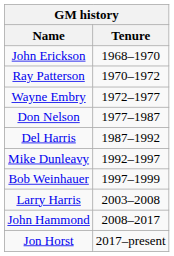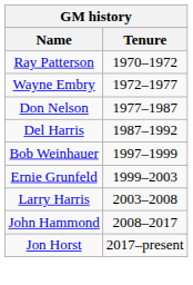 <table class="wikitable" style="text-align:center">
 <tr>
 <th colspan="2">GM history</th>
 </tr>
 <tr>
 <th>Name</th>
 <th>Tenure</th>
-</tr>
-<tr>
-<td><a href='#'>John Erickson</a></td>
-<td>1968–1970</td>
 </tr>
 <tr>
 <td><a href='#'>Ray Patterson</a></td>
 <td>1970–1972</td>
 </tr>
 <tr>
 <td><a href='#'>Wayne Embry</a></td>
 <td>1972–1977</td>
 </tr>
 <tr>
 <td><a href='#'>Don Nelson</a></td>
 <td>1977–1987</td>
 </tr>
 <tr>
 <td><a href='#'>Del Harris</a></td>
 <td>1987–1992</td>
 </tr>
 <tr>
-<td><a href='#'>Mike Dunleavy</a></td>
-<td>1992–1997</td>
+<td><a href='#'>Bob Weinhauer</a></td>
+<td>1997–1999</td>
 </tr>
 <tr>
-<td><a href='#'>Bob Weinhauer</a></td>
-<td>1997–1999</td>
+<td><a href='#'>Ernie Grunfeld</a></td>
+<td>1999–2003</td>
 </tr>
 <tr>
 <td><a href='#'>Larry Harris</a></td>
 <td>2003–2008</td>
 </tr>
 <tr>
 <td><a href='#'>John Hammond</a></td>
 <td>2008–2017</td>
 </tr>
 <tr>
 <td><a href='#'>Jon Horst</a></td>
 <td>2017–present</td>
 </tr>
 </table>
